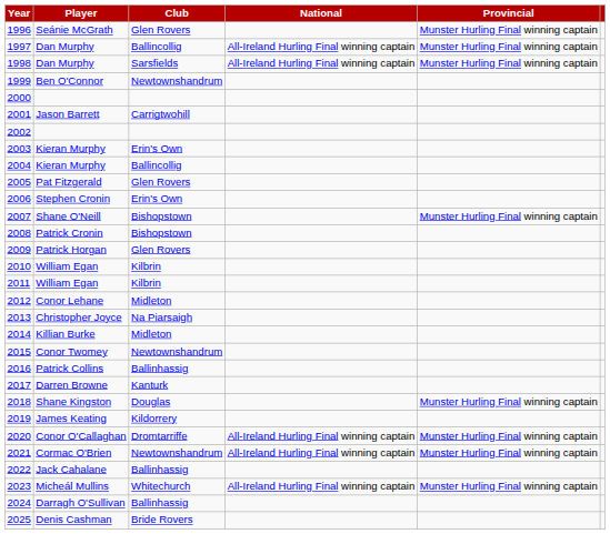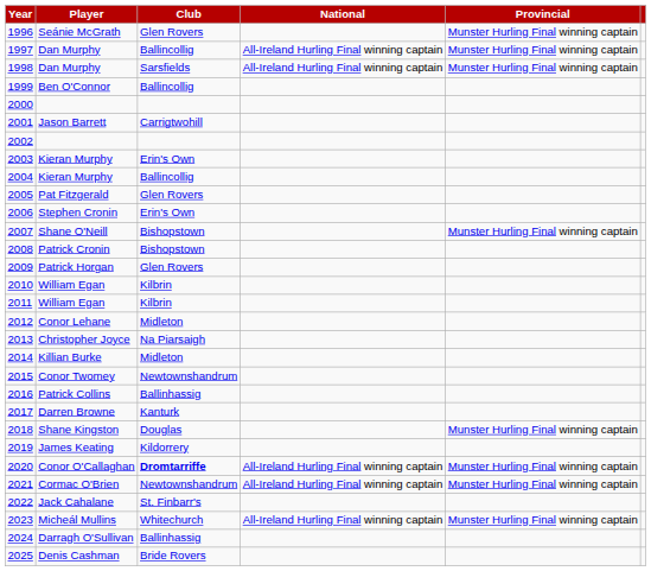 <table class="wikitable">
 <tr style="text-align:center;background:#B60000;color:white">
 <td><strong>Year</strong></td>
 <td><strong>Player</strong></td>
 <td><strong>Club</strong></td>
 <td><strong>National</strong></td>
 <td><strong>Provincial</strong></td>
 <td></td>
 </tr>
 <tr>
 <td style="text-align:left;"><a href='#'>1996</a></td>
 <td style="text-align:left;"><a href='#'>Seánie McGrath</a></td>
 <td style="text-align:left;"><a href='#'>Glen Rovers</a></td>
 <td></td>
 <td><a href='#'>Munster Hurling Final</a> winning captain</td>
 <td></td>
 </tr>
 <tr>
 <td style="text-align:left;"><a href='#'>1997</a></td>
 <td style="text-align:left;"><a href='#'>Dan Murphy</a></td>
 <td style="text-align:left;"><a href='#'>Ballincollig</a></td>
 <td><a href='#'>All-Ireland Hurling Final</a> winning captain</td>
 <td><a href='#'>Munster Hurling Final</a> winning captain</td>
 <td></td>
 </tr>
 <tr>
 <td style="text-align:left;"><a href='#'>1998</a></td>
 <td style="text-align:left;"><a href='#'>Dan Murphy</a></td>
 <td style="text-align:left;"><a href='#'>Sarsfields</a></td>
 <td><a href='#'>All-Ireland Hurling Final</a> winning captain</td>
 <td><a href='#'>Munster Hurling Final</a> winning captain</td>
 <td></td>
 </tr>
 <tr>
 <td style="text-align:left;"><a href='#'>1999</a></td>
 <td style="text-align:left;"><a href='#'>Ben O'Connor</a></td>
-<td style="text-align:left;"><a href='#'>Newtownshandrum</a></td>
+<td style="text-align:left;"><a href='#'>Ballincollig</a></td>
 <td></td>
 <td></td>
 <td></td>
 </tr>
 <tr>
 <td style="text-align:left;"><a href='#'>2000</a></td>
 <td style="text-align:left;"></td>
 <td style="text-align:left;"></td>
 <td></td>
 <td></td>
 <td></td>
 </tr>
 <tr>
 <td style="text-align:left;"><a href='#'>2001</a></td>
 <td style="text-align:left;"><a href='#'>Jason Barrett</a></td>
 <td style="text-align:left;"><a href='#'>Carrigtwohill</a></td>
 <td></td>
 <td></td>
 <td></td>
 </tr>
 <tr>
 <td style="text-align:left;"><a href='#'>2002</a></td>
 <td style="text-align:left;"></td>
 <td style="text-align:left;"></td>
 <td></td>
 <td></td>
 <td></td>
 </tr>
 <tr>
 <td style="text-align:left;"><a href='#'>2003</a></td>
 <td style="text-align:left;"><a href='#'>Kieran Murphy</a></td>
 <td style="text-align:left;"><a href='#'>Erin's Own</a></td>
 <td></td>
 <td></td>
 <td></td>
 </tr>
 <tr>
 <td style="text-align:left;"><a href='#'>2004</a></td>
 <td style="text-align:left;"><a href='#'>Kieran Murphy</a></td>
 <td style="text-align:left;"><a href='#'>Ballincollig</a></td>
 <td></td>
 <td></td>
 <td></td>
 </tr>
 <tr>
 <td style="text-align:left;"><a href='#'>2005</a></td>
 <td style="text-align:left;"><a href='#'>Pat Fitzgerald</a></td>
 <td style="text-align:left;"><a href='#'>Glen Rovers</a></td>
 <td></td>
 <td></td>
 <td></td>
 </tr>
 <tr>
 <td style="text-align:left;"><a href='#'>2006</a></td>
 <td style="text-align:left;"><a href='#'>Stephen Cronin</a></td>
 <td style="text-align:left;"><a href='#'>Erin's Own</a></td>
 <td></td>
 <td></td>
 <td></td>
 </tr>
 <tr>
 <td style="text-align:left;"><a href='#'>2007</a></td>
 <td style="text-align:left;"><a href='#'>Shane O'Neill</a></td>
 <td style="text-align:left;"><a href='#'>Bishopstown</a></td>
 <td></td>
 <td><a href='#'>Munster Hurling Final</a> winning captain</td>
 <td></td>
 </tr>
 <tr>
 <td style="text-align:left;"><a href='#'>2008</a></td>
 <td style="text-align:left;"><a href='#'>Patrick Cronin</a></td>
 <td style="text-align:left;"><a href='#'>Bishopstown</a></td>
 <td></td>
 <td></td>
 <td></td>
 </tr>
 <tr>
 <td style="text-align:left;"><a href='#'>2009</a></td>
 <td style="text-align:left;"><a href='#'>Patrick Horgan</a></td>
 <td style="text-align:left;"><a href='#'>Glen Rovers</a></td>
 <td></td>
 <td></td>
 <td></td>
 </tr>
 <tr>
 <td style="text-align:left;"><a href='#'>2010</a></td>
 <td style="text-align:left;"><a href='#'>William Egan</a></td>
 <td style="text-align:left;"><a href='#'>Kilbrin</a></td>
 <td></td>
 <td></td>
 <td></td>
 </tr>
 <tr>
 <td style="text-align:left;"><a href='#'>2011</a></td>
 <td style="text-align:left;"><a href='#'>William Egan</a></td>
 <td style="text-align:left;"><a href='#'>Kilbrin</a></td>
 <td></td>
 <td></td>
 <td></td>
 </tr>
 <tr>
 <td style="text-align:left;"><a href='#'>2012</a></td>
 <td style="text-align:left;"><a href='#'>Conor Lehane</a></td>
 <td style="text-align:left;"><a href='#'>Midleton</a></td>
 <td></td>
 <td></td>
 <td></td>
 </tr>
 <tr>
 <td style="text-align:left;"><a href='#'>2013</a></td>
 <td style="text-align:left;"><a href='#'>Christopher Joyce</a></td>
 <td style="text-align:left;"><a href='#'>Na Piarsaigh</a></td>
 <td></td>
 <td></td>
 <td></td>
 </tr>
 <tr>
 <td style="text-align:left;"><a href='#'>2014</a></td>
 <td style="text-align:left;"><a href='#'>Killian Burke</a></td>
 <td style="text-align:left;"><a href='#'>Midleton</a></td>
 <td></td>
 <td></td>
 <td></td>
 </tr>
 <tr>
 <td style="text-align:left;"><a href='#'>2015</a></td>
 <td style="text-align:left;"><a href='#'>Conor Twomey</a></td>
 <td style="text-align:left;"><a href='#'>Newtownshandrum</a></td>
 <td></td>
 <td></td>
 <td></td>
 </tr>
 <tr>
 <td style="text-align:left;"><a href='#'>2016</a></td>
 <td style="text-align:left;"><a href='#'>Patrick Collins</a></td>
 <td style="text-align:left;"><a href='#'>Ballinhassig</a></td>
 <td></td>
 <td></td>
 <td></td>
 </tr>
 <tr>
 <td style="text-align:left;"><a href='#'>2017</a></td>
 <td style="text-align:left;"><a href='#'>Darren Browne</a></td>
 <td style="text-align:left;"><a href='#'>Kanturk</a></td>
 <td></td>
 <td></td>
 <td></td>
 </tr>
 <tr>
 <td style="text-align:left;"><a href='#'>2018</a></td>
 <td style="text-align:left;"><a href='#'>Shane Kingston</a></td>
 <td style="text-align:left;"><a href='#'>Douglas</a></td>
 <td></td>
 <td><a href='#'>Munster Hurling Final</a> winning captain</td>
 <td></td>
 </tr>
 <tr>
 <td style="text-align:left;"><a href='#'>2019</a></td>
 <td style="text-align:left;"><a href='#'>James Keating</a></td>
 <td style="text-align:left;"><a href='#'>Kildorrery</a></td>
 <td></td>
 <td></td>
 <td></td>
 </tr>
 <tr>
 <td style="text-align:left;"><a href='#'>2020</a></td>
 <td style="text-align:left;"><a href='#'>Conor O'Callaghan</a></td>
-<td style="text-align:left;"><a href='#'>Dromtarriffe</a></td>
+<td style="text-align:left;"><strong><a href='#'>Dromtarriffe</a></strong></td>
 <td><a href='#'>All-Ireland Hurling Final</a> winning captain</td>
 <td><a href='#'>Munster Hurling Final</a> winning captain</td>
 <td></td>
 </tr>
 <tr>
 <td style="text-align:left;"><a href='#'>2021</a></td>
 <td style="text-align:left;"><a href='#'>Cormac O'Brien</a></td>
 <td style="text-align:left;"><a href='#'>Newtownshandrum</a></td>
 <td><a href='#'>All-Ireland Hurling Final</a> winning captain</td>
 <td><a href='#'>Munster Hurling Final</a> winning captain</td>
 <td></td>
 </tr>
 <tr>
 <td style="text-align:left;"><a href='#'>2022</a></td>
 <td style="text-align:left;"><a href='#'>Jack Cahalane</a></td>
-<td style="text-align:left;"><a href='#'>Ballinhassig</a></td>
+<td style="text-align:left;"><a href='#'>St. Finbarr's</a></td>
 <td></td>
 <td></td>
 <td></td>
 </tr>
 <tr>
 <td style="text-align:left;"><a href='#'>2023</a></td>
 <td style="text-align:left;"><a href='#'>Micheál Mullins</a></td>
 <td style="text-align:left;"><a href='#'>Whitechurch</a></td>
 <td><a href='#'>All-Ireland Hurling Final</a> winning captain</td>
 <td><a href='#'>Munster Hurling Final</a> winning captain</td>
 <td></td>
 </tr>
 <tr>
 <td style="text-align:left;"><a href='#'>2024</a></td>
 <td style="text-align:left;"><a href='#'>Darragh O'Sullivan</a></td>
 <td style="text-align:left;"><a href='#'>Ballinhassig</a></td>
 <td></td>
 <td></td>
 <td></td>
 </tr>
 <tr>
 <td style="text-align:left;"><a href='#'>2025</a></td>
 <td style="text-align:left;"><a href='#'>Denis Cashman</a></td>
 <td style="text-align:left;"><a href='#'>Bride Rovers</a></td>
 <td></td>
 <td></td>
 <td></td>
 </tr>
 </table>
